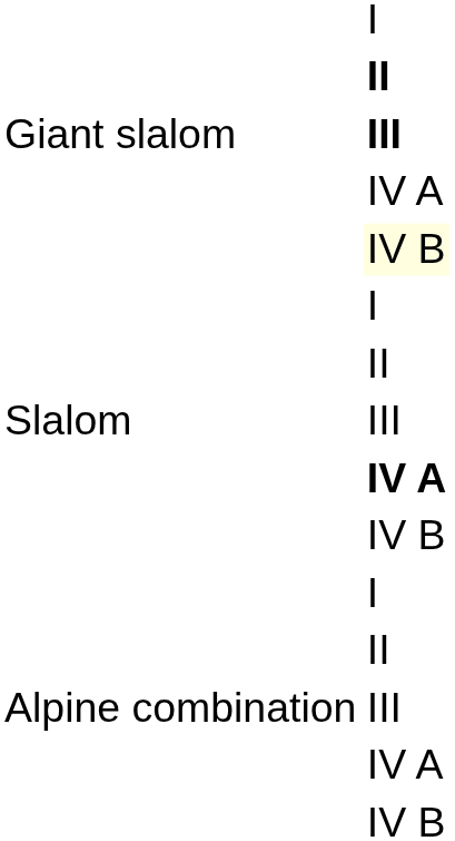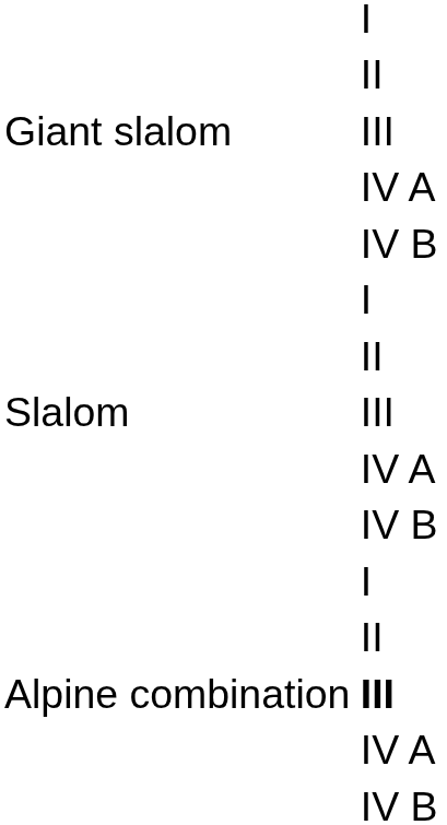 <table>
 <tr>
 <td rowspan="5">Giant slalom</td>
-<td>I<br></td>
-<td></td>
-<td></td>
-<td></td>
-</tr>
-<tr>
-<td><strong>II<br></strong></td>
-<td></td>
-<td></td>
-<td></td>
-</tr>
-<tr>
-<td><strong>III<br></strong></td>
-<td></td>
-<td></td>
-<td></td>
-</tr>
-<tr>
-<td>IV A<br></td>
-<td></td>
-<td></td>
-<td></td>
-</tr>
-<tr>
-<td style="background: lightyellow;">IV B<br></td>
-<td></td>
-<td></td>
-<td></td>
-</tr>
-<tr>
-<td rowspan="5">Slalom</td>
-<td>I<br></td>
-<td></td>
-<td></td>
-<td></td>
-</tr>
-<tr>
-<td>II<br></td>
-<td></td>
-<td></td>
-<td></td>
-</tr>
-<tr>
-<td>III<br></td>
-<td></td>
-<td></td>
-<td></td>
-</tr>
-<tr>
-<td><strong>IV A<br></strong></td>
-<td></td>
-<td></td>
-<td></td>
-</tr>
-<tr>
-<td>IV B<br></td>
-<td></td>
-<td></td>
-<td></td>
-</tr>
-<tr>
-<td rowspan="5">Alpine combination</td>
 <td>I<br></td>
 <td></td>
 <td></td>
 <td></td>
 </tr>
 <tr>
 <td>II<br></td>
 <td></td>
 <td></td>
 <td></td>
 </tr>
 <tr>
 <td>III<br></td>
 <td></td>
 <td></td>
 <td></td>
 </tr>
 <tr>
 <td>IV A<br></td>
 <td></td>
 <td></td>
 <td></td>
 </tr>
 <tr>
 <td>IV B<br></td>
 <td></td>
 <td></td>
 <td></td>
 </tr>
+<tr>
+<td rowspan="5">Slalom</td>
+<td>I<br></td>
+<td></td>
+<td></td>
+<td></td>
+</tr>
+<tr>
+<td>II<br></td>
+<td></td>
+<td></td>
+<td></td>
+</tr>
+<tr>
+<td>III<br></td>
+<td></td>
+<td></td>
+<td></td>
+</tr>
+<tr>
+<td>IV A<br></td>
+<td></td>
+<td></td>
+<td></td>
+</tr>
+<tr>
+<td>IV B<br></td>
+<td></td>
+<td></td>
+<td></td>
+</tr>
+<tr>
+<td rowspan="5">Alpine combination</td>
+<td>I<br></td>
+<td></td>
+<td></td>
+<td></td>
+</tr>
+<tr>
+<td>II<br></td>
+<td></td>
+<td></td>
+<td></td>
+</tr>
+<tr>
+<td><strong>III<br></strong></td>
+<td></td>
+<td></td>
+<td></td>
+</tr>
+<tr>
+<td>IV A<br></td>
+<td></td>
+<td></td>
+<td></td>
+</tr>
+<tr>
+<td>IV B<br></td>
+<td></td>
+<td></td>
+<td></td>
+</tr>
 </table>
